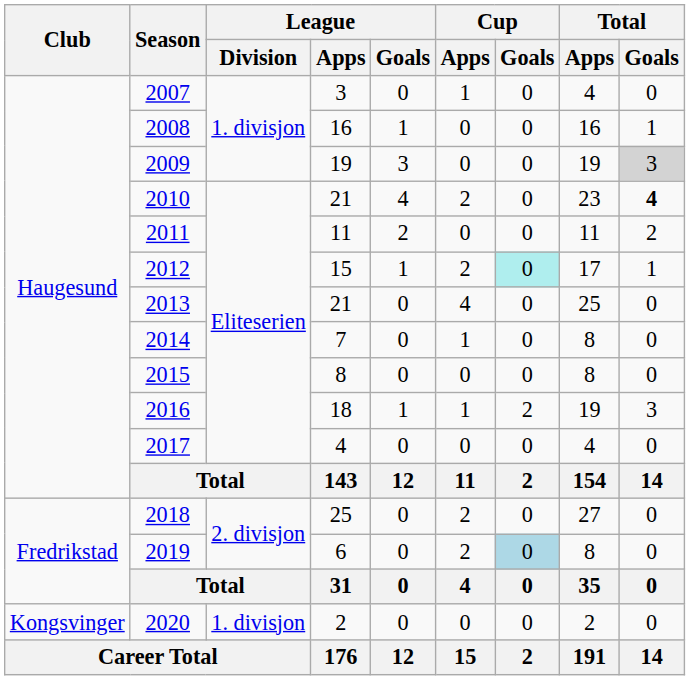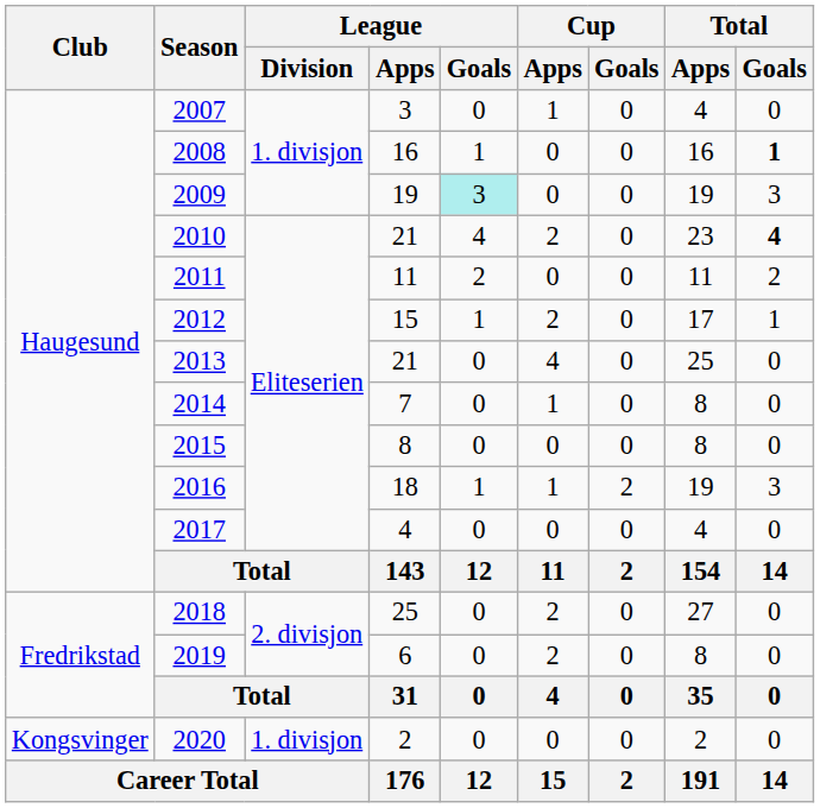 <table class="wikitable" style="text-align: center;">
 <tr>
 <th rowspan="2">Club</th>
 <th rowspan="2">Season</th>
 <th colspan="3">League</th>
 <th colspan="2">Cup</th>
 <th colspan="2">Total</th>
 </tr>
 <tr>
 <th>Division</th>
 <th>Apps</th>
 <th>Goals</th>
 <th>Apps</th>
 <th>Goals</th>
 <th>Apps</th>
 <th>Goals</th>
 </tr>
 <tr>
 <td rowspan="12" valign="center"><a href='#'>Haugesund</a></td>
 <td><a href='#'>2007</a></td>
 <td rowspan="3" valign="center"><a href='#'>1. divisjon</a></td>
 <td>3</td>
 <td>0</td>
 <td>1</td>
 <td>0</td>
 <td>4</td>
 <td>0</td>
 </tr>
 <tr>
 <td><a href='#'>2008</a></td>
 <td>16</td>
 <td>1</td>
 <td>0</td>
 <td>0</td>
 <td>16</td>
-<td>1</td>
+<td><strong>1</strong></td>
 </tr>
 <tr>
 <td><a href='#'>2009</a></td>
 <td>19</td>
-<td>3</td>
+<td style="background: paleturquoise;">3</td>
 <td>0</td>
 <td>0</td>
 <td>19</td>
-<td style="background: lightgrey;">3</td>
+<td>3</td>
 </tr>
 <tr>
 <td><a href='#'>2010</a></td>
 <td rowspan="8" valign="center"><a href='#'>Eliteserien</a></td>
 <td>21</td>
 <td>4</td>
 <td>2</td>
 <td>0</td>
 <td>23</td>
 <td><strong>4</strong></td>
 </tr>
 <tr>
 <td><a href='#'>2011</a></td>
 <td>11</td>
 <td>2</td>
 <td>0</td>
 <td>0</td>
 <td>11</td>
 <td>2</td>
 </tr>
 <tr>
 <td><a href='#'>2012</a></td>
 <td>15</td>
 <td>1</td>
 <td>2</td>
-<td style="background: paleturquoise;">0</td>
+<td>0</td>
 <td>17</td>
 <td>1</td>
 </tr>
 <tr>
 <td><a href='#'>2013</a></td>
 <td>21</td>
 <td>0</td>
 <td>4</td>
 <td>0</td>
 <td>25</td>
 <td>0</td>
 </tr>
 <tr>
 <td><a href='#'>2014</a></td>
 <td>7</td>
 <td>0</td>
 <td>1</td>
 <td>0</td>
 <td>8</td>
 <td>0</td>
 </tr>
 <tr>
 <td><a href='#'>2015</a></td>
 <td>8</td>
 <td>0</td>
 <td>0</td>
 <td>0</td>
 <td>8</td>
 <td>0</td>
 </tr>
 <tr>
 <td><a href='#'>2016</a></td>
 <td>18</td>
 <td>1</td>
 <td>1</td>
 <td>2</td>
 <td>19</td>
 <td>3</td>
 </tr>
 <tr>
 <td><a href='#'>2017</a></td>
 <td>4</td>
 <td>0</td>
 <td>0</td>
 <td>0</td>
 <td>4</td>
 <td>0</td>
 </tr>
 <tr>
 <th colspan="2">Total</th>
 <th>143</th>
 <th>12</th>
 <th>11</th>
 <th>2</th>
 <th>154</th>
 <th>14</th>
 </tr>
 <tr>
 <td rowspan="3" valign="center"><a href='#'>Fredrikstad</a></td>
 <td><a href='#'>2018</a></td>
 <td rowspan="2" valign="center"><a href='#'>2. divisjon</a></td>
 <td>25</td>
 <td>0</td>
 <td>2</td>
 <td>0</td>
 <td>27</td>
 <td>0</td>
 </tr>
 <tr>
 <td><a href='#'>2019</a></td>
 <td>6</td>
 <td>0</td>
 <td>2</td>
-<td style="background: lightblue;">0</td>
+<td>0</td>
 <td>8</td>
 <td>0</td>
 </tr>
 <tr>
 <th colspan="2">Total</th>
 <th>31</th>
 <th>0</th>
 <th>4</th>
 <th>0</th>
 <th>35</th>
 <th>0</th>
 </tr>
 <tr>
 <td rowspan="1" valign="center"><a href='#'>Kongsvinger</a></td>
 <td><a href='#'>2020</a></td>
 <td rowspan="1" valign="center"><a href='#'>1. divisjon</a></td>
 <td>2</td>
 <td>0</td>
 <td>0</td>
 <td>0</td>
 <td>2</td>
 <td>0</td>
 </tr>
 <tr>
 <th colspan="3">Career Total</th>
 <th>176</th>
 <th>12</th>
 <th>15</th>
 <th>2</th>
 <th>191</th>
 <th>14</th>
 </tr>
 </table>
